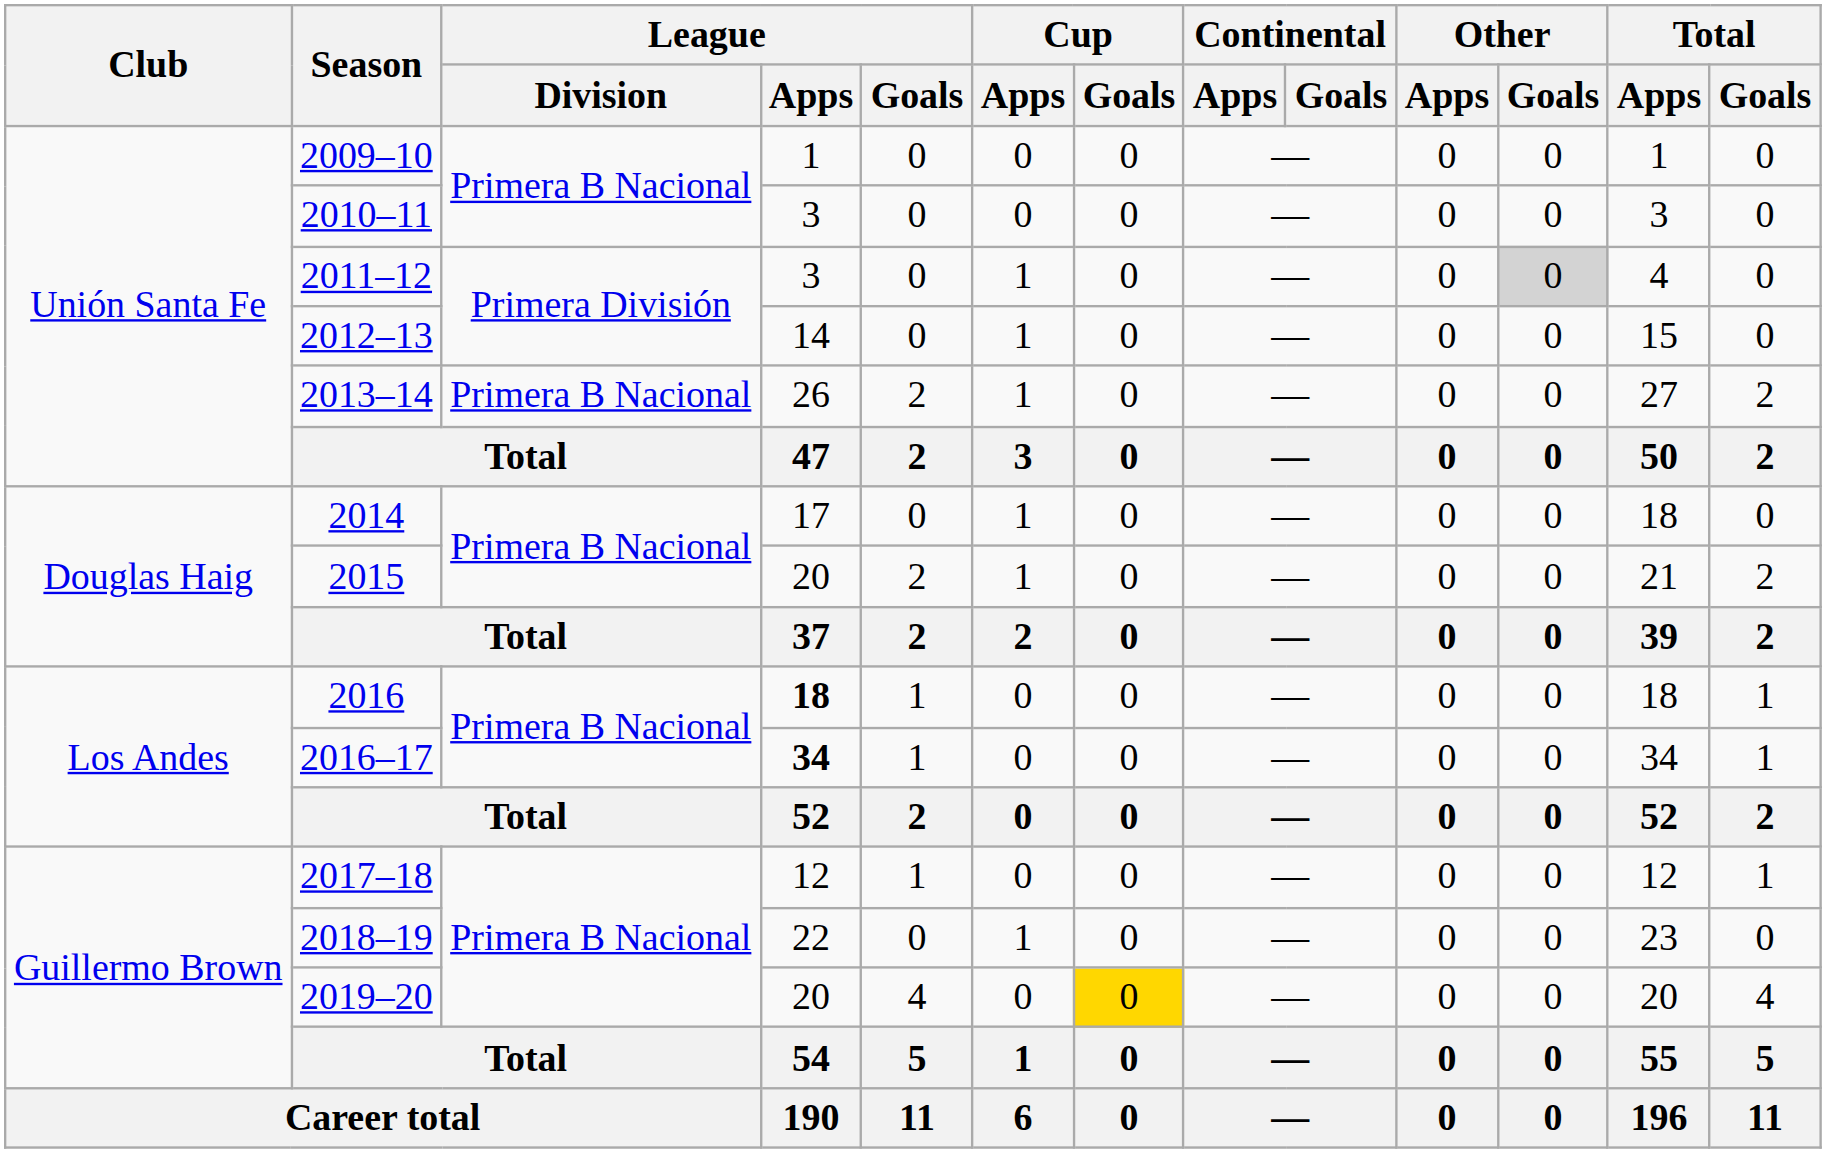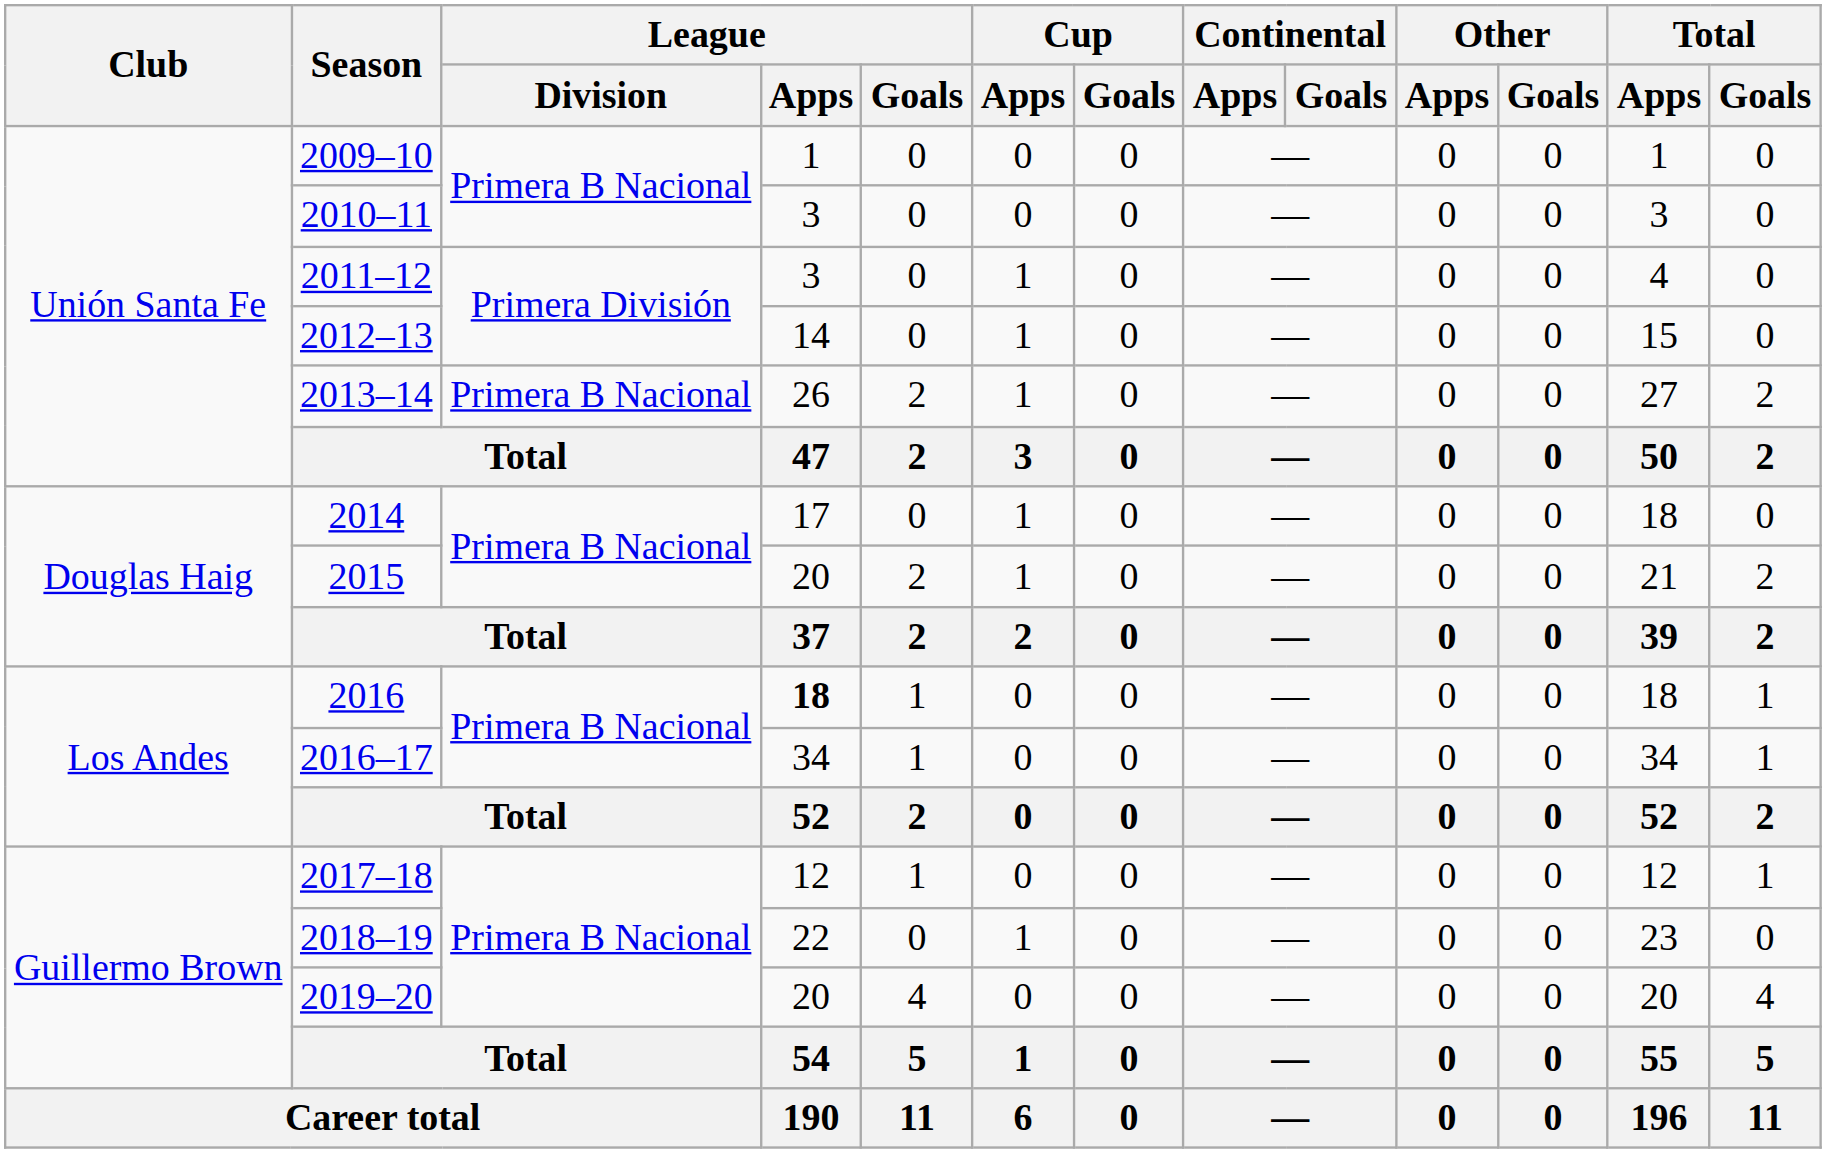 <table class="wikitable" style="text-align:center">
 <tr>
 <th rowspan="2">Club</th>
 <th rowspan="2">Season</th>
 <th colspan="3">League</th>
 <th colspan="2">Cup</th>
 <th colspan="2">Continental</th>
 <th colspan="2">Other</th>
 <th colspan="2">Total</th>
 </tr>
 <tr>
 <th>Division</th>
 <th>Apps</th>
 <th>Goals</th>
 <th>Apps</th>
 <th>Goals</th>
 <th>Apps</th>
 <th>Goals</th>
 <th>Apps</th>
 <th>Goals</th>
 <th>Apps</th>
 <th>Goals</th>
 </tr>
 <tr>
 <td rowspan="6"><a href='#'>Unión Santa Fe</a></td>
 <td><a href='#'>2009–10</a></td>
 <td rowspan="2"><a href='#'>Primera B Nacional</a></td>
 <td>1</td>
 <td>0</td>
 <td>0</td>
 <td>0</td>
 <td colspan="2">—</td>
 <td>0</td>
 <td>0</td>
 <td>1</td>
 <td>0</td>
 </tr>
 <tr>
 <td><a href='#'>2010–11</a></td>
 <td>3</td>
 <td>0</td>
 <td>0</td>
 <td>0</td>
 <td colspan="2">—</td>
 <td>0</td>
 <td>0</td>
 <td>3</td>
 <td>0</td>
 </tr>
 <tr>
 <td><a href='#'>2011–12</a></td>
 <td rowspan="2"><a href='#'>Primera División</a></td>
 <td>3</td>
 <td>0</td>
 <td>1</td>
 <td>0</td>
 <td colspan="2">—</td>
 <td>0</td>
-<td style="background: lightgrey;">0</td>
+<td>0</td>
 <td>4</td>
 <td>0</td>
 </tr>
 <tr>
 <td><a href='#'>2012–13</a></td>
 <td>14</td>
 <td>0</td>
 <td>1</td>
 <td>0</td>
 <td colspan="2">—</td>
 <td>0</td>
 <td>0</td>
 <td>15</td>
 <td>0</td>
 </tr>
 <tr>
 <td><a href='#'>2013–14</a></td>
 <td rowspan="1"><a href='#'>Primera B Nacional</a></td>
 <td>26</td>
 <td>2</td>
 <td>1</td>
 <td>0</td>
 <td colspan="2">—</td>
 <td>0</td>
 <td>0</td>
 <td>27</td>
 <td>2</td>
 </tr>
 <tr>
 <th colspan="2">Total</th>
 <th>47</th>
 <th>2</th>
 <th>3</th>
 <th>0</th>
 <th colspan="2">—</th>
 <th>0</th>
 <th>0</th>
 <th>50</th>
 <th>2</th>
 </tr>
 <tr>
 <td rowspan="3"><a href='#'>Douglas Haig</a></td>
 <td><a href='#'>2014</a></td>
 <td rowspan="2"><a href='#'>Primera B Nacional</a></td>
 <td>17</td>
 <td>0</td>
 <td>1</td>
 <td>0</td>
 <td colspan="2">—</td>
 <td>0</td>
 <td>0</td>
 <td>18</td>
 <td>0</td>
 </tr>
 <tr>
 <td><a href='#'>2015</a></td>
 <td>20</td>
 <td>2</td>
 <td>1</td>
 <td>0</td>
 <td colspan="2">—</td>
 <td>0</td>
 <td>0</td>
 <td>21</td>
 <td>2</td>
 </tr>
 <tr>
 <th colspan="2">Total</th>
 <th>37</th>
 <th>2</th>
 <th>2</th>
 <th>0</th>
 <th colspan="2">—</th>
 <th>0</th>
 <th>0</th>
 <th>39</th>
 <th>2</th>
 </tr>
 <tr>
 <td rowspan="3"><a href='#'>Los Andes</a></td>
 <td><a href='#'>2016</a></td>
 <td rowspan="2"><a href='#'>Primera B Nacional</a></td>
 <td><strong>18</strong></td>
 <td>1</td>
 <td>0</td>
 <td>0</td>
 <td colspan="2">—</td>
 <td>0</td>
 <td>0</td>
 <td>18</td>
 <td>1</td>
 </tr>
 <tr>
 <td><a href='#'>2016–17</a></td>
-<td><strong>34</strong></td>
+<td>34</td>
 <td>1</td>
 <td>0</td>
 <td>0</td>
 <td colspan="2">—</td>
 <td>0</td>
 <td>0</td>
 <td>34</td>
 <td>1</td>
 </tr>
 <tr>
 <th colspan="2">Total</th>
 <th>52</th>
 <th>2</th>
 <th>0</th>
 <th>0</th>
 <th colspan="2">—</th>
 <th>0</th>
 <th>0</th>
 <th>52</th>
 <th>2</th>
 </tr>
 <tr>
 <td rowspan="4"><a href='#'>Guillermo Brown</a></td>
 <td><a href='#'>2017–18</a></td>
 <td rowspan="3"><a href='#'>Primera B Nacional</a></td>
 <td>12</td>
 <td>1</td>
 <td>0</td>
 <td>0</td>
 <td colspan="2">—</td>
 <td>0</td>
 <td>0</td>
 <td>12</td>
 <td>1</td>
 </tr>
 <tr>
 <td><a href='#'>2018–19</a></td>
 <td>22</td>
 <td>0</td>
 <td>1</td>
 <td>0</td>
 <td colspan="2">—</td>
 <td>0</td>
 <td>0</td>
 <td>23</td>
 <td>0</td>
 </tr>
 <tr>
 <td><a href='#'>2019–20</a></td>
 <td>20</td>
 <td>4</td>
 <td>0</td>
-<td style="background: gold;">0</td>
+<td>0</td>
 <td colspan="2">—</td>
 <td>0</td>
 <td>0</td>
 <td>20</td>
 <td>4</td>
 </tr>
 <tr>
 <th colspan="2">Total</th>
 <th>54</th>
 <th>5</th>
 <th>1</th>
 <th>0</th>
 <th colspan="2">—</th>
 <th>0</th>
 <th>0</th>
 <th>55</th>
 <th>5</th>
 </tr>
 <tr>
 <th colspan="3">Career total</th>
 <th>190</th>
 <th>11</th>
 <th>6</th>
 <th>0</th>
 <th colspan="2">—</th>
 <th>0</th>
 <th>0</th>
 <th>196</th>
 <th>11</th>
 </tr>
 </table>
